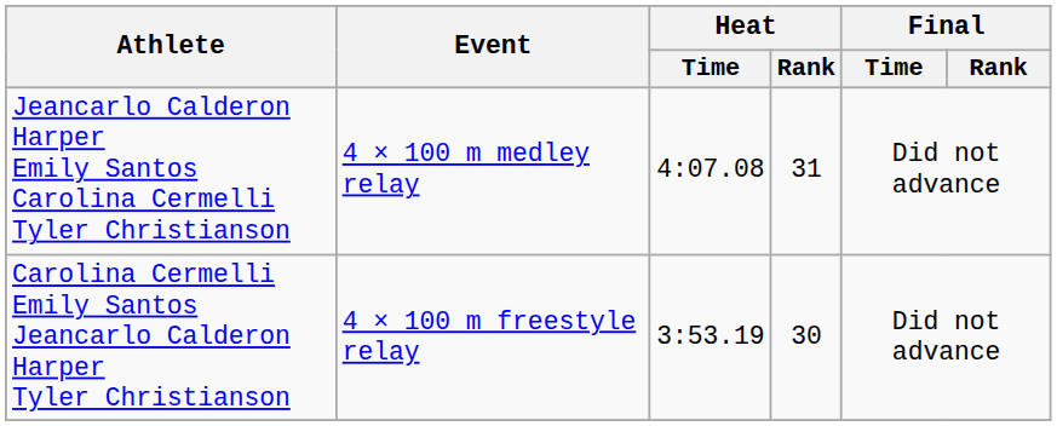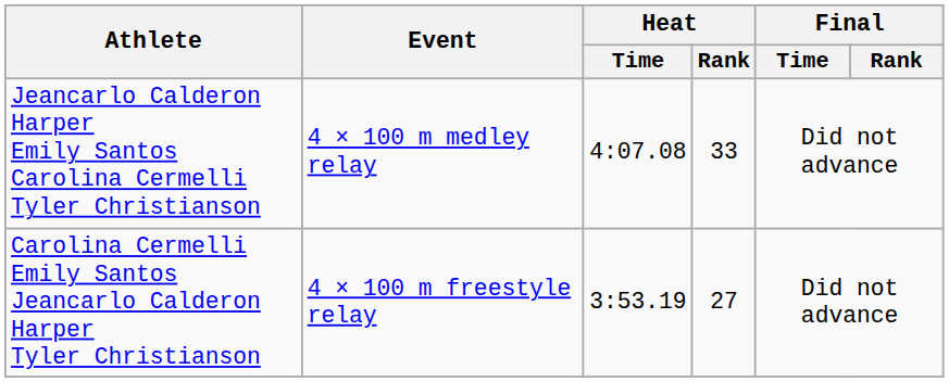 <table class="wikitable" style="text-align:center; font-size:90%; width:30%;">
 <tr>
 <th rowspan="2">Athlete</th>
 <th rowspan="2">Event</th>
 <th colspan="2">Heat</th>
 <th colspan="2">Final</th>
 </tr>
 <tr style="font-size:95%">
 <th>Time</th>
 <th>Rank</th>
 <th>Time</th>
 <th>Rank</th>
 </tr>
 <tr>
 <td align=left><a href='#'>Jeancarlo Calderon Harper</a> <br><a href='#'>Emily Santos</a> <br><a href='#'>Carolina Cermelli</a><br><a href='#'>Tyler Christianson</a></td>
 <td align=left><a href='#'>4 × 100 m medley relay</a></td>
 <td>4:07.08</td>
-<td>31</td>
+<td>33</td>
 <td colspan=2>Did not advance</td>
 </tr>
 <tr>
 <td align=left><a href='#'>Carolina Cermelli</a> <br><a href='#'>Emily Santos</a> <br><a href='#'>Jeancarlo Calderon Harper</a> <br><a href='#'>Tyler Christianson</a></td>
 <td align=left><a href='#'>4 × 100 m freestyle relay</a></td>
 <td>3:53.19</td>
-<td>30</td>
+<td>27</td>
 <td colspan="2">Did not advance</td>
 </tr>
 </table>
